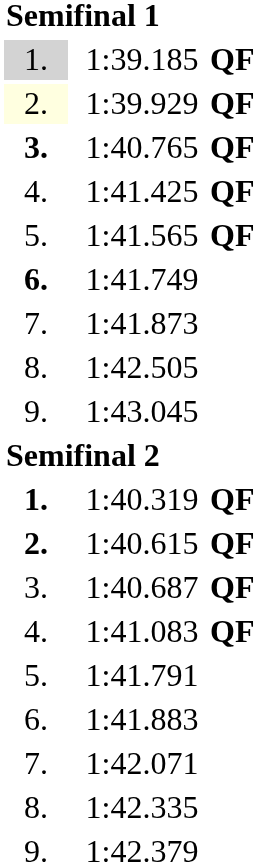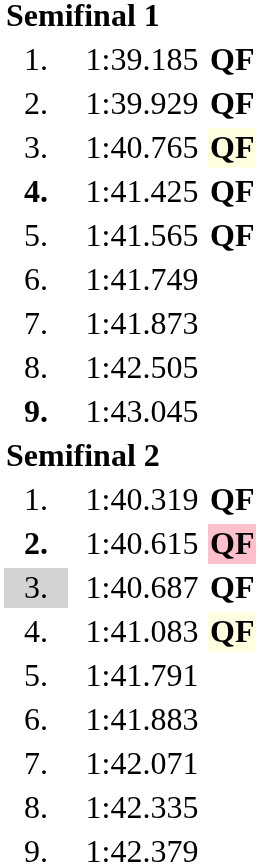 <table style="text-align:center">
 <tr>
 <td colspan=4 align=left><strong>Semifinal 1</strong></td>
 </tr>
 <tr>
-<td width=30 style="background: lightgrey;">1.</td>
+<td width=30>1.</td>
 <td align=left></td>
 <td width=60>1:39.185</td>
 <td><strong>QF</strong></td>
 </tr>
 <tr>
-<td style="background: lightyellow;">2.</td>
+<td>2.</td>
 <td align=left></td>
 <td>1:39.929</td>
 <td><strong>QF</strong></td>
 </tr>
 <tr>
-<td><strong>3.</strong></td>
+<td>3.</td>
 <td align=left></td>
 <td>1:40.765</td>
-<td><strong>QF</strong></td>
+<td style="background: lightyellow;"><strong>QF</strong></td>
 </tr>
 <tr>
-<td>4.</td>
+<td><strong>4.</strong></td>
 <td align=left></td>
 <td>1:41.425</td>
 <td><strong>QF</strong></td>
 </tr>
 <tr>
 <td>5.</td>
 <td align=left></td>
 <td>1:41.565</td>
 <td><strong>QF</strong></td>
 </tr>
 <tr>
-<td><strong>6.</strong></td>
+<td>6.</td>
 <td align=left></td>
 <td>1:41.749</td>
 <td></td>
 </tr>
 <tr>
 <td>7.</td>
 <td align=left></td>
 <td>1:41.873</td>
 <td></td>
 </tr>
 <tr>
 <td>8.</td>
 <td align=left></td>
 <td>1:42.505</td>
 <td></td>
 </tr>
 <tr>
-<td>9.</td>
+<td><strong>9.</strong></td>
 <td align=left></td>
 <td>1:43.045</td>
 <td></td>
 </tr>
 <tr>
 <td colspan=4 align=left><strong>Semifinal 2</strong></td>
 </tr>
 <tr>
-<td width=30><strong>1.</strong></td>
+<td width=30>1.</td>
 <td align=left></td>
 <td width=60>1:40.319</td>
 <td><strong>QF</strong></td>
 </tr>
 <tr>
 <td><strong>2.</strong></td>
 <td align=left></td>
 <td>1:40.615</td>
-<td><strong>QF</strong></td>
+<td style="background: pink;"><strong>QF</strong></td>
 </tr>
 <tr>
-<td>3.</td>
+<td style="background: lightgrey;">3.</td>
 <td align=left></td>
 <td>1:40.687</td>
 <td><strong>QF</strong></td>
 </tr>
 <tr>
 <td>4.</td>
 <td align=left></td>
 <td>1:41.083</td>
-<td><strong>QF</strong></td>
+<td style="background: lightyellow;"><strong>QF</strong></td>
 </tr>
 <tr>
 <td>5.</td>
 <td align=left></td>
 <td>1:41.791</td>
 <td></td>
 </tr>
 <tr>
 <td>6.</td>
 <td align=left></td>
 <td>1:41.883</td>
 <td></td>
 </tr>
 <tr>
 <td>7.</td>
 <td align=left></td>
 <td>1:42.071</td>
 <td></td>
 </tr>
 <tr>
 <td>8.</td>
 <td align=left></td>
 <td>1:42.335</td>
 <td></td>
 </tr>
 <tr>
 <td>9.</td>
 <td align=left></td>
 <td>1:42.379</td>
 <td></td>
 </tr>
 </table>
